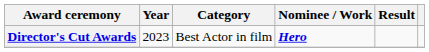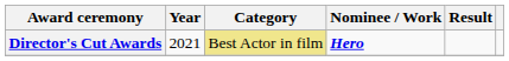 <table class="wikitable plainrowheaders sortable">
 <tr>
 <th scope="col">Award ceremony</th>
 <th scope="col">Year</th>
 <th scope="col">Category</th>
 <th scope="col">Nominee / Work</th>
 <th scope="col">Result</th>
 <th scope="col" class="unsortable"></th>
 </tr>
 <tr>
 <th scope="row" rowspan=1><a href='#'>Director's Cut Awards</a></th>
-<td align="center" rowspan=1>2023</td>
-<td>Best Actor in film</td>
+<td align="center" rowspan=1>2021</td>
+<td style="background: khaki;">Best Actor in film</td>
 <td><strong><em><a href='#'>Hero</a></em></strong></td>
 <td></td>
 <td rowspan=1 align="center"></td>
 </tr>
 <tr>
 </tr>
 </table>
